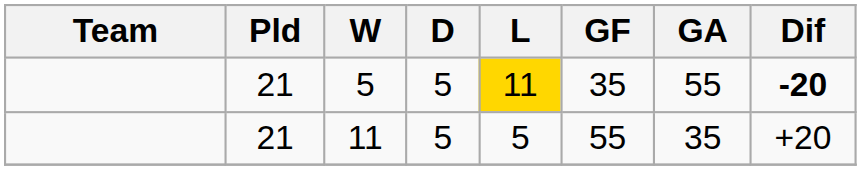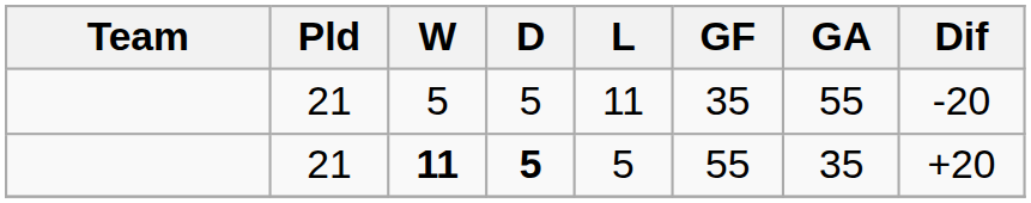 <table class="wikitable sortable" width=65% style="text-align:center">
 <tr>
 <th width=15%>Team</th>
 <th width=5%>Pld</th>
 <th width=5%>W</th>
 <th width=5%>D</th>
 <th width=5%>L</th>
 <th width=5%>GF</th>
 <th width=5%>GA</th>
 <th width=5%>Dif</th>
 </tr>
 <tr>
 <td style="text-align:left;"></td>
 <td>21</td>
 <td>5</td>
 <td>5</td>
-<td style="background: gold;">11</td>
+<td>11</td>
 <td>35</td>
 <td>55</td>
-<td><strong>-20</strong></td>
+<td>-20</td>
 </tr>
 <tr>
 <td style="text-align:left;"></td>
 <td>21</td>
-<td>11</td>
-<td>5</td>
+<td><strong>11</strong></td>
+<td><strong>5</strong></td>
 <td>5</td>
 <td>55</td>
 <td>35</td>
 <td>+20</td>
 </tr>
 <tr>
 </tr>
 </table>
